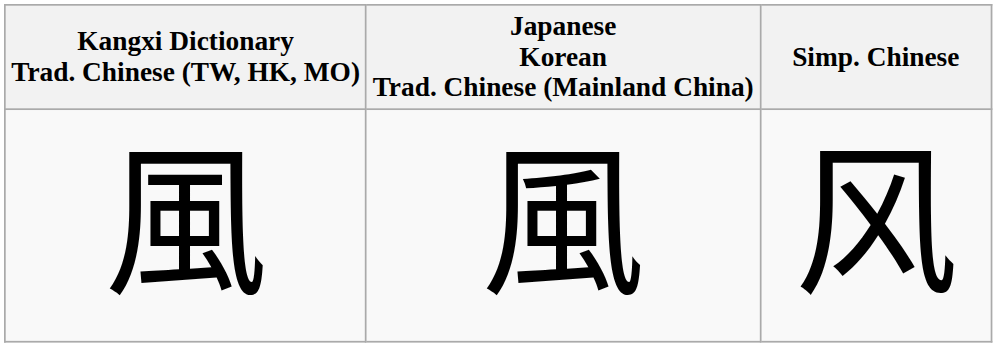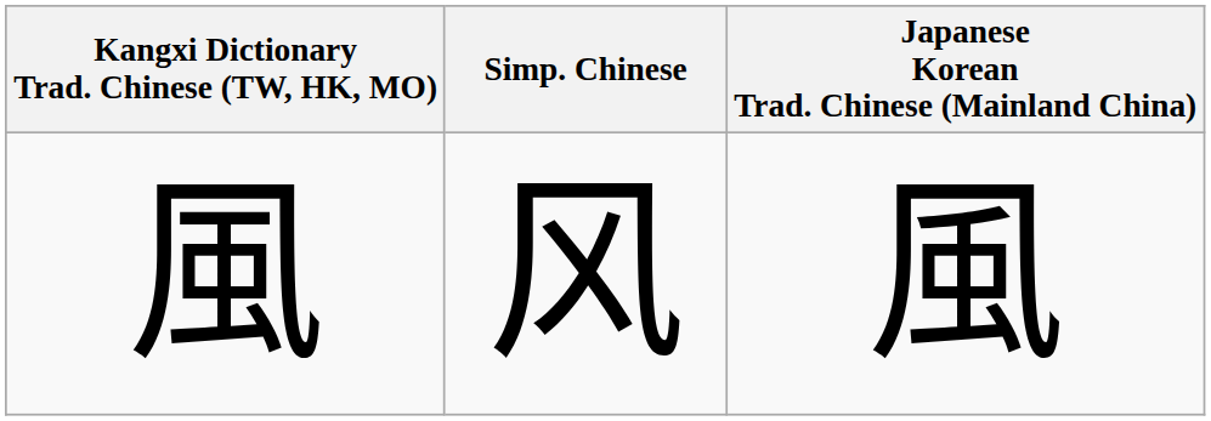 <table class="wikitable" style="text-align: center;">
 <tr>
 <th>Kangxi Dictionary<br>Trad. Chinese (TW, HK, MO)</th>
+<th>Simp. Chinese</th>
 <th>Japanese<br>Korean<br>Trad. Chinese (Mainland China)</th>
-<th>Simp. Chinese</th>
 </tr>
 <tr style="font-size:6em;font-family:serif;line-height:100%;">
 <td lang="zh-tw">風</td>
+<td lang="zh-cn">风</td>
 <td lang="zh-cn">風</td>
-<td lang="zh-cn">风</td>
 </tr>
 </table>
